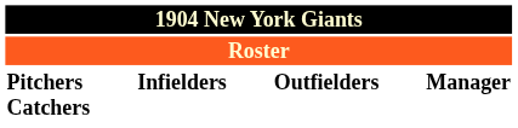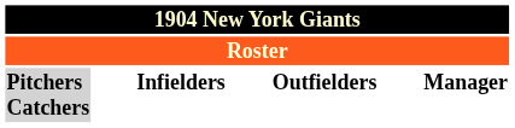 <table class="toccolours" style="font-size: 95%;">
 <tr>
 <th colspan="10" style="background-color: black; color: #FFFDD0; text-align: center;">1904 New York Giants</th>
 </tr>
 <tr>
 <td colspan="10" style="background-color: #fd5a1e; color: #FFFDD0; text-align: center;"><strong>Roster</strong></td>
 </tr>
 <tr>
-<td valign="top"><strong>Pitchers</strong><br>       <strong>Catchers</strong>    </td>
+<td valign="top" style="background: lightgrey;"><strong>Pitchers</strong><br>       <strong>Catchers</strong>    </td>
 <td width="25px"></td>
 <td valign="top"><strong>Infielders</strong><br>      </td>
 <td width="25px"></td>
 <td valign="top"><strong>Outfielders</strong><br>    </td>
 <td width="25px"></td>
 <td valign="top"><strong>Manager</strong><br></td>
 </tr>
 <tr>
 </tr>
 </table>
